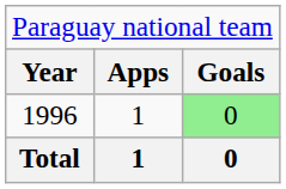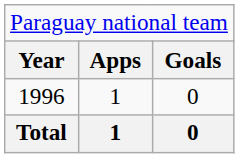 <table class="wikitable" style="text-align:center">
 <tr>
 <td colspan="3"><a href='#'>Paraguay national team</a></td>
 </tr>
 <tr>
 <th>Year</th>
 <th>Apps</th>
 <th>Goals</th>
 </tr>
 <tr>
 <td>1996</td>
 <td>1</td>
-<td style="background: lightgreen;">0</td>
+<td>0</td>
 </tr>
 <tr>
 <th>Total</th>
 <th>1</th>
 <th>0</th>
 </tr>
 </table>
